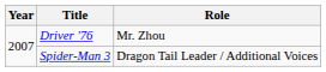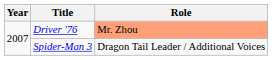 <table class = "wikitable sortable">
 <tr>
 <th>Year</th>
 <th>Title</th>
 <th>Role</th>
 </tr>
 <tr>
 <td rowspan="2">2007</td>
 <td><em><a href='#'>Driver '76</a></em></td>
-<td>Mr. Zhou</td>
+<td style="background: lightsalmon;">Mr. Zhou</td>
 </tr>
 <tr>
 <td><em><a href='#'>Spider-Man 3</a></em></td>
 <td>Dragon Tail Leader / Additional Voices</td>
 </tr>
 </table>
